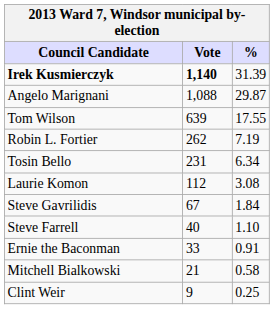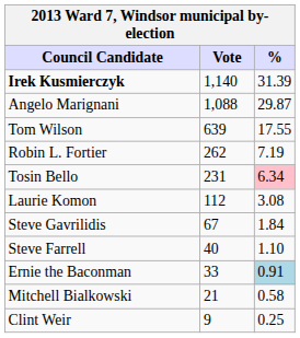 <table class="wikitable sortable">
 <tr>
 <th colspan="3">2013 Ward 7, Windsor municipal by-election</th>
 </tr>
 <tr>
 <th style="background:#ddf; width:200px;">Council Candidate</th>
 <th style="background:#ddf; width:50px;">Vote</th>
 <th style="background:#ddf; width:30px;">%</th>
 </tr>
 <tr>
 <td><strong>Irek Kusmierczyk</strong></td>
-<td><strong>1,140</strong></td>
+<td>1,140</td>
 <td>31.39</td>
 </tr>
 <tr>
 <td>Angelo Marignani</td>
 <td>1,088</td>
 <td>29.87</td>
 </tr>
 <tr>
 <td>Tom Wilson</td>
 <td>639</td>
 <td>17.55</td>
 </tr>
 <tr>
 <td>Robin L. Fortier</td>
 <td>262</td>
 <td>7.19</td>
 </tr>
 <tr>
 <td>Tosin Bello</td>
 <td>231</td>
-<td>6.34</td>
+<td style="background: pink;">6.34</td>
 </tr>
 <tr>
 <td>Laurie Komon</td>
 <td>112</td>
 <td>3.08</td>
 </tr>
 <tr>
 <td>Steve Gavrilidis</td>
 <td>67</td>
 <td>1.84</td>
 </tr>
 <tr>
 <td>Steve Farrell</td>
 <td>40</td>
 <td>1.10</td>
 </tr>
 <tr>
 <td>Ernie the Baconman</td>
 <td>33</td>
-<td>0.91</td>
+<td style="background: lightblue;">0.91</td>
 </tr>
 <tr>
 <td>Mitchell Bialkowski</td>
 <td>21</td>
 <td>0.58</td>
 </tr>
 <tr>
 <td>Clint Weir</td>
 <td>9</td>
 <td>0.25</td>
 </tr>
 </table>
